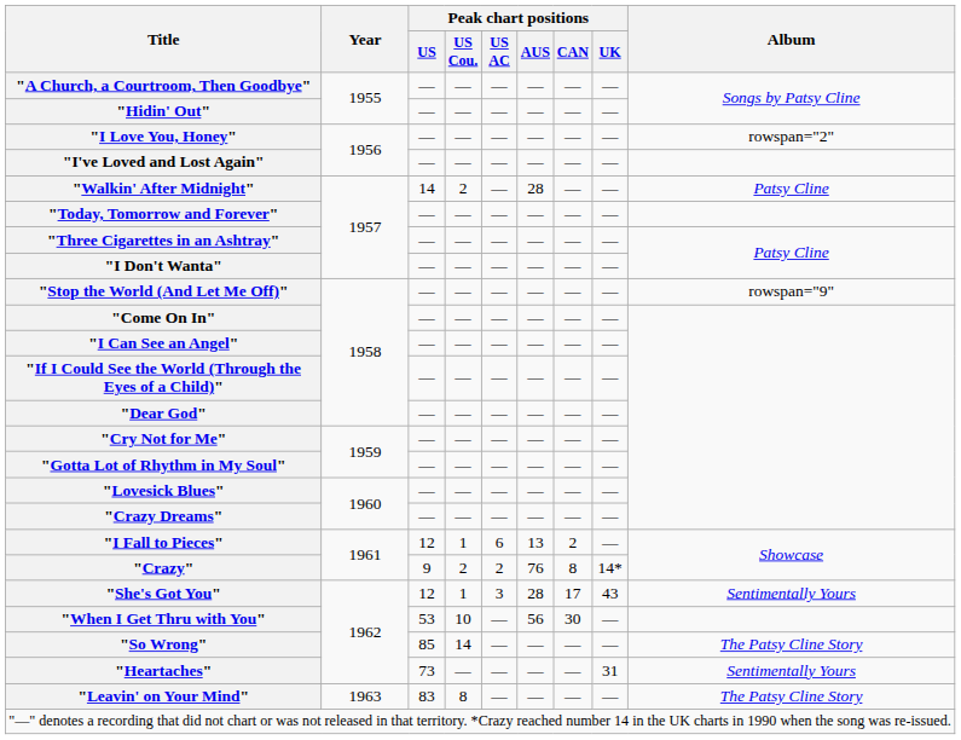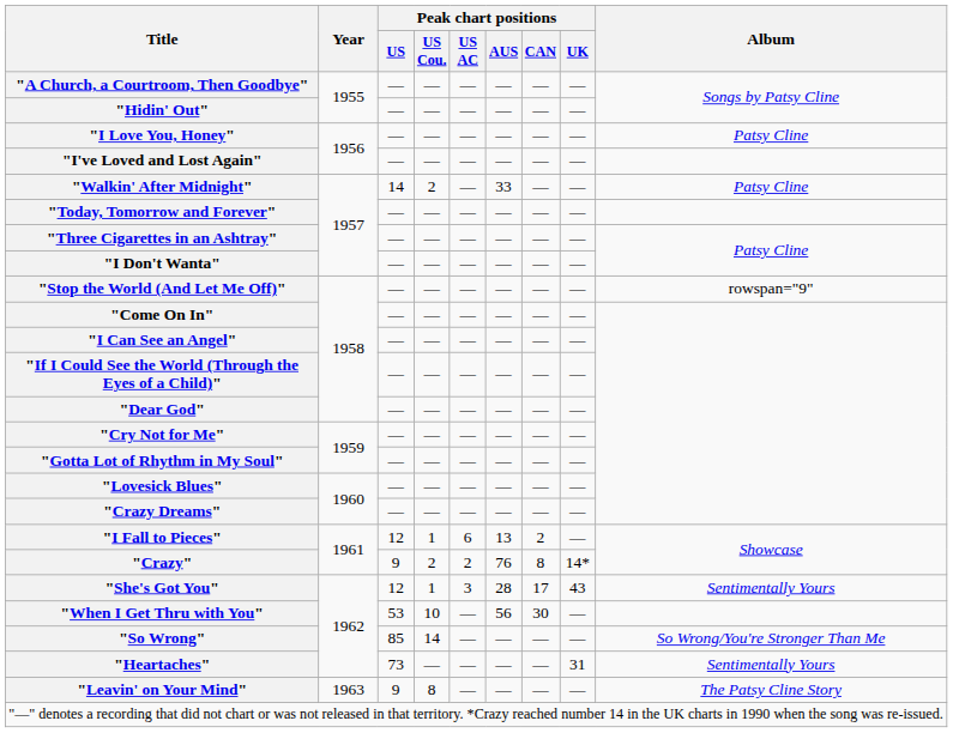 <table class="wikitable plainrowheaders" style="text-align:center;" border="1">
 <tr>
 <th scope="col" rowspan="2" style="width:19em;">Title</th>
 <th scope="col" rowspan="2">Year</th>
 <th scope="col" colspan="6">Peak chart positions</th>
 <th scope="col" rowspan="2">Album</th>
 </tr>
 <tr>
 <th scope="col" style="width:2em;font-size:90%;"><a href='#'>US</a><br></th>
 <th scope="col" style="width:2em;font-size:90%;"><a href='#'>US<br>Cou.</a><br></th>
 <th scope="col" style="width:2em;font-size:90%;"><a href='#'>US<br>AC</a><br></th>
 <th scope="col" style="width:2em;font-size:90%;"><a href='#'>AUS</a><br></th>
 <th scope="col" style="width:2em;font-size:90%;"><a href='#'>CAN</a><br></th>
 <th scope="col" style="width:2em;font-size:90%;"><a href='#'>UK</a><br></th>
 </tr>
 <tr>
 <th scope="row">"<a href='#'>A Church, a Courtroom, Then Goodbye</a>"</th>
 <td rowspan="2">1955</td>
 <td>—</td>
 <td>—</td>
 <td>—</td>
 <td>—</td>
 <td>—</td>
 <td>—</td>
 <td rowspan="2"><em><a href='#'>Songs by Patsy Cline</a></em></td>
 </tr>
 <tr>
 <th scope="row">"<a href='#'>Hidin' Out</a>"</th>
 <td>—</td>
 <td>—</td>
 <td>—</td>
 <td>—</td>
 <td>—</td>
 <td>—</td>
 </tr>
 <tr>
 <th scope="row">"<a href='#'>I Love You, Honey</a>"</th>
 <td rowspan="2">1956</td>
 <td>—</td>
 <td>—</td>
 <td>—</td>
 <td>—</td>
 <td>—</td>
 <td>—</td>
-<td>rowspan="2" </td>
+<td><em><a href='#'>Patsy Cline</a></em></td>
 </tr>
 <tr>
 <th scope="row">"I've Loved and Lost Again"</th>
 <td>—</td>
 <td>—</td>
 <td>—</td>
 <td>—</td>
 <td>—</td>
 <td>—</td>
 </tr>
 <tr>
 <th scope="row">"<a href='#'>Walkin' After Midnight</a>"</th>
 <td rowspan="4">1957</td>
 <td>14</td>
 <td>2</td>
 <td>—</td>
-<td>28</td>
+<td>33</td>
 <td>—</td>
 <td>—</td>
 <td><em><a href='#'>Patsy Cline</a></em></td>
 </tr>
 <tr>
 <th scope="row">"<a href='#'>Today, Tomorrow and Forever</a>"</th>
 <td>—</td>
 <td>—</td>
 <td>—</td>
 <td>—</td>
 <td>—</td>
 <td>—</td>
 <td></td>
 </tr>
 <tr>
 <th scope="row">"<a href='#'>Three Cigarettes in an Ashtray</a>"</th>
 <td>—</td>
 <td>—</td>
 <td>—</td>
 <td>—</td>
 <td>—</td>
 <td>—</td>
 <td rowspan="2"><em><a href='#'>Patsy Cline</a></em></td>
 </tr>
 <tr>
 <th scope="row">"I Don't Wanta"</th>
 <td>—</td>
 <td>—</td>
 <td>—</td>
 <td>—</td>
 <td>—</td>
 <td>—</td>
 </tr>
 <tr>
 <th scope="row">"<a href='#'>Stop the World (And Let Me Off)</a>"</th>
 <td rowspan="5">1958</td>
 <td>—</td>
 <td>—</td>
 <td>—</td>
 <td>—</td>
 <td>—</td>
 <td>—</td>
 <td>rowspan="9" </td>
 </tr>
 <tr>
 <th scope="row">"Come On In"</th>
 <td>—</td>
 <td>—</td>
 <td>—</td>
 <td>—</td>
 <td>—</td>
 <td>—</td>
 </tr>
 <tr>
 <th scope="row">"<a href='#'>I Can See an Angel</a>"</th>
 <td>—</td>
 <td>—</td>
 <td>—</td>
 <td>—</td>
 <td>—</td>
 <td>—</td>
 </tr>
 <tr>
 <th scope="row">"<a href='#'>If I Could See the World (Through the<br>Eyes of a Child)</a>"</th>
 <td>—</td>
 <td>—</td>
 <td>—</td>
 <td>—</td>
 <td>—</td>
 <td>—</td>
 </tr>
 <tr>
 <th scope="row">"<a href='#'>Dear God</a>"</th>
 <td>—</td>
 <td>—</td>
 <td>—</td>
 <td>—</td>
 <td>—</td>
 <td>—</td>
 </tr>
 <tr>
 <th scope="row">"<a href='#'>Cry Not for Me</a>"</th>
 <td rowspan="2">1959</td>
 <td>—</td>
 <td>—</td>
 <td>—</td>
 <td>—</td>
 <td>—</td>
 <td>—</td>
 </tr>
 <tr>
 <th scope="row">"<a href='#'>Gotta Lot of Rhythm in My Soul</a>"</th>
 <td>—</td>
 <td>—</td>
 <td>—</td>
 <td>—</td>
 <td>—</td>
 <td>—</td>
 </tr>
 <tr>
 <th scope="row">"<a href='#'>Lovesick Blues</a>"</th>
 <td rowspan="2">1960</td>
 <td>—</td>
 <td>—</td>
 <td>—</td>
 <td>—</td>
 <td>—</td>
 <td>—</td>
 </tr>
 <tr>
 <th scope="row">"<a href='#'>Crazy Dreams</a>"</th>
 <td>—</td>
 <td>—</td>
 <td>—</td>
 <td>—</td>
 <td>—</td>
 <td>—</td>
 </tr>
 <tr>
 <th scope="row">"<a href='#'>I Fall to Pieces</a>"</th>
 <td rowspan="2">1961</td>
 <td>12</td>
 <td>1</td>
 <td>6</td>
 <td>13</td>
 <td>2</td>
 <td>—</td>
 <td rowspan="2"><em><a href='#'>Showcase</a></em></td>
 </tr>
 <tr>
 <th scope="row">"<a href='#'>Crazy</a>"</th>
 <td>9</td>
 <td>2</td>
 <td>2</td>
 <td>76</td>
 <td>8</td>
 <td>14*</td>
 </tr>
 <tr>
 <th scope="row">"<a href='#'>She's Got You</a>"</th>
 <td rowspan="4">1962</td>
 <td>12</td>
 <td>1</td>
 <td>3</td>
 <td>28</td>
 <td>17</td>
 <td>43</td>
 <td><em><a href='#'>Sentimentally Yours</a></em></td>
 </tr>
 <tr>
 <th scope="row">"<a href='#'>When I Get Thru with You</a>"</th>
 <td>53</td>
 <td>10</td>
 <td>—</td>
 <td>56</td>
 <td>30</td>
 <td>—</td>
 <td></td>
 </tr>
 <tr>
 <th scope="row">"<a href='#'>So Wrong</a>"</th>
 <td>85</td>
 <td>14</td>
 <td>—</td>
 <td>—</td>
 <td>—</td>
 <td>—</td>
-<td><em><a href='#'>The Patsy Cline Story</a></em></td>
+<td><em><a href='#'>So Wrong/You're Stronger Than Me</a></em></td>
 </tr>
 <tr>
 <th scope="row">"<a href='#'>Heartaches</a>"</th>
 <td>73</td>
 <td>—</td>
 <td>—</td>
 <td>—</td>
 <td>—</td>
 <td>31</td>
 <td><em><a href='#'>Sentimentally Yours</a></em></td>
 </tr>
 <tr>
 <th scope="row">"<a href='#'>Leavin' on Your Mind</a>"</th>
 <td>1963</td>
-<td>83</td>
+<td>9</td>
 <td>8</td>
 <td>—</td>
 <td>—</td>
 <td>—</td>
 <td>—</td>
 <td><em><a href='#'>The Patsy Cline Story</a></em></td>
 </tr>
 <tr>
 <td colspan="9" style="font-size:90%">"—" denotes a recording that did not chart or was not released in that territory. *Crazy reached number 14 in the UK charts in 1990 when the song was re-issued.</td>
 </tr>
 </table>
